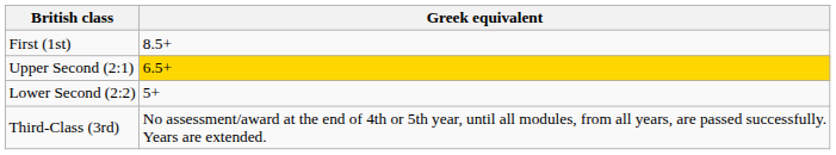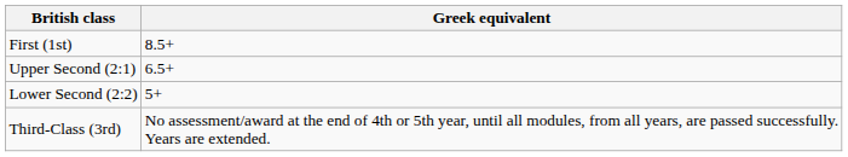 <table class="wikitable">
 <tr>
 <th>British class</th>
 <th>Greek equivalent</th>
 </tr>
 <tr>
 <td>First (1st)</td>
 <td>8.5+</td>
 </tr>
 <tr>
 <td>Upper Second (2:1)</td>
-<td style="background: gold;">6.5+</td>
+<td>6.5+</td>
 </tr>
 <tr>
 <td>Lower Second (2:2)</td>
 <td>5+</td>
 </tr>
 <tr>
 <td>Third-Class (3rd)</td>
 <td>No assessment/award at the end of 4th or 5th year, until all modules, from all years, are passed successfully.<br>Years are extended.</td>
 </tr>
 </table>
